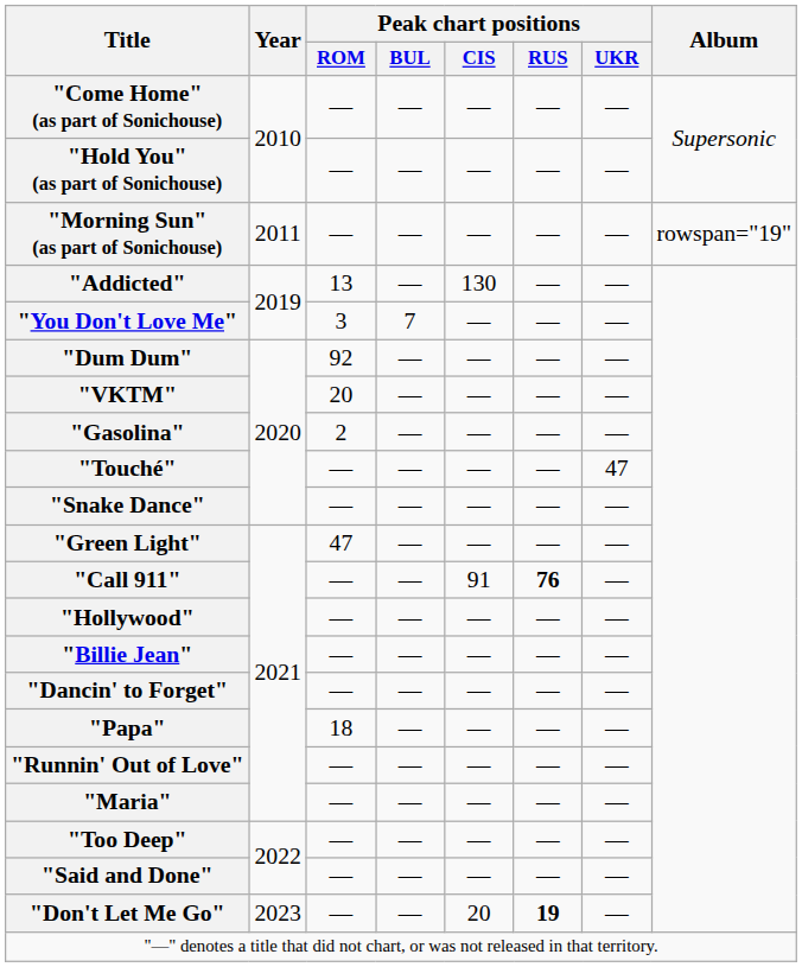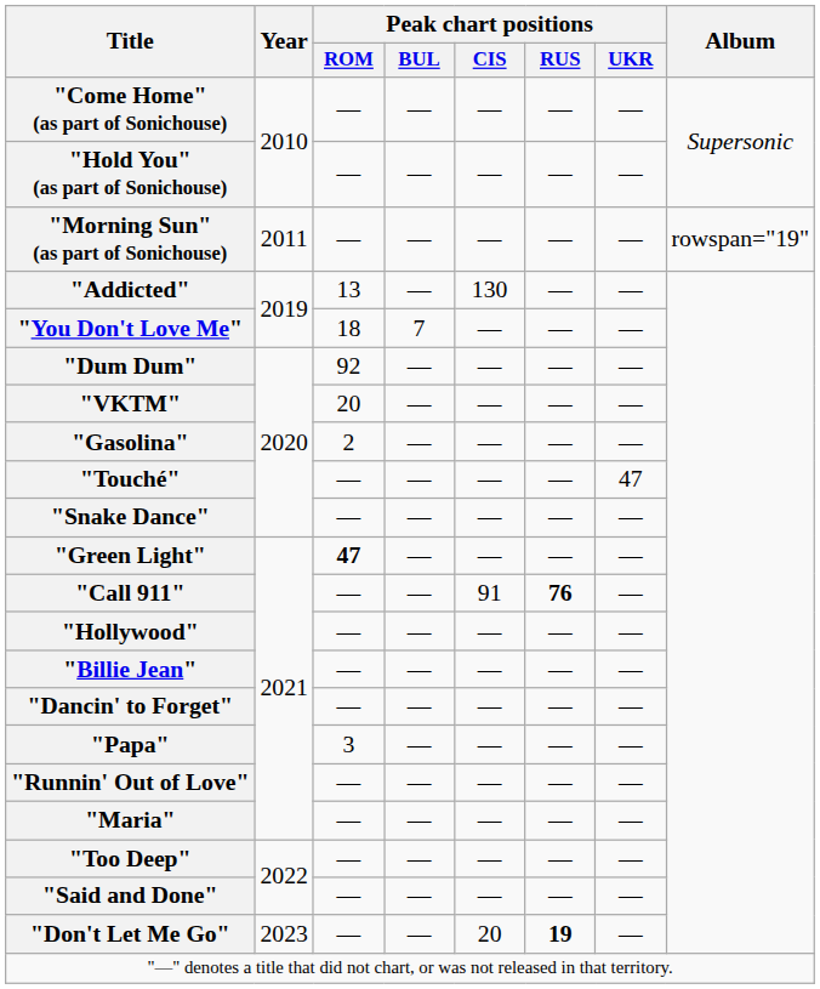 <table class="wikitable plainrowheaders" style="text-align:center;">
 <tr>
 <th scope="col" rowspan="2">Title</th>
 <th scope="col" rowspan="2">Year</th>
 <th scope="col" colspan="5">Peak chart positions</th>
 <th scope="col" rowspan="2">Album</th>
 </tr>
 <tr>
 <th style="width:3em;font-size:85%"><a href='#'>ROM</a><br></th>
 <th style="width:3em;font-size:85%"><a href='#'>BUL</a><br></th>
 <th style="width:3em;font-size:85%"><a href='#'>CIS</a><br></th>
 <th style="width:3em;font-size:85%"><a href='#'>RUS</a><br></th>
 <th style="width:3em;font-size:85%"><a href='#'>UKR</a><br></th>
 </tr>
 <tr>
 <th scope="row">"Come Home"<br><small>(as part of Sonichouse)</small></th>
 <td rowspan="2">2010</td>
 <td>—</td>
 <td>—</td>
 <td>—</td>
 <td>—</td>
 <td>—</td>
 <td rowspan="2"><em>Supersonic</em></td>
 </tr>
 <tr>
 <th scope="row">"Hold You"<br><small>(as part of Sonichouse)</small></th>
 <td>—</td>
 <td>—</td>
 <td>—</td>
 <td>—</td>
 <td>—</td>
 </tr>
 <tr>
 <th scope="row">"Morning Sun"<br><small>(as part of Sonichouse)</small></th>
 <td rowspan="1">2011</td>
 <td>—</td>
 <td>—</td>
 <td>—</td>
 <td>—</td>
 <td>—</td>
 <td>rowspan="19" </td>
 </tr>
 <tr>
 <th scope="row">"Addicted"<br></th>
 <td rowspan="2">2019</td>
 <td>13</td>
 <td>—</td>
 <td>130</td>
 <td>—</td>
 <td>—</td>
 </tr>
 <tr>
 <th scope="row">"<a href='#'>You Don't Love Me</a>"<br></th>
-<td>3</td>
+<td>18</td>
 <td>7</td>
 <td>—</td>
 <td>—</td>
 <td>—</td>
 </tr>
 <tr>
 <th scope="row">"Dum Dum"<br></th>
 <td rowspan="5">2020</td>
 <td>92</td>
 <td>—</td>
 <td>—</td>
 <td>—</td>
 <td>—</td>
 </tr>
 <tr>
 <th scope="row">"VKTM"<br></th>
 <td>20</td>
 <td>—</td>
 <td>—</td>
 <td>—</td>
 <td>—</td>
 </tr>
 <tr>
 <th scope="row">"Gasolina"<br></th>
 <td>2</td>
 <td>—</td>
 <td>—</td>
 <td>—</td>
 <td>—</td>
 </tr>
 <tr>
 <th scope="row">"Touché"<br></th>
 <td>—</td>
 <td>—</td>
 <td>—</td>
 <td>—</td>
 <td>47</td>
 </tr>
 <tr>
 <th scope="row">"Snake Dance"<br></th>
 <td>—</td>
 <td>—</td>
 <td>—</td>
 <td>—</td>
 <td>—</td>
 </tr>
 <tr>
 <th scope="row">"Green Light"<br></th>
 <td rowspan="8">2021</td>
-<td>47</td>
+<td><strong>47</strong></td>
 <td>—</td>
 <td>—</td>
 <td>—</td>
 <td>—</td>
 </tr>
 <tr>
 <th scope="row">"Call 911"<br></th>
 <td>—</td>
 <td>—</td>
 <td>91</td>
 <td><strong>76</strong></td>
 <td>—</td>
 </tr>
 <tr>
 <th scope="row">"Hollywood"<br></th>
 <td>—</td>
 <td>—</td>
 <td>—</td>
 <td>—</td>
 <td>—</td>
 </tr>
 <tr>
 <th scope="row">"<a href='#'>Billie Jean</a>"<br></th>
 <td>—</td>
 <td>—</td>
 <td>—</td>
 <td>—</td>
 <td>—</td>
 </tr>
 <tr>
 <th scope="row">"Dancin' to Forget"<br></th>
 <td>—</td>
 <td>—</td>
 <td>—</td>
 <td>—</td>
 <td>—</td>
 </tr>
 <tr>
 <th scope="row">"Papa"<br></th>
-<td>18</td>
+<td>3</td>
 <td>—</td>
 <td>—</td>
 <td>—</td>
 <td>—</td>
 </tr>
 <tr>
 <th scope="row">"Runnin' Out of Love"<br></th>
 <td>—</td>
 <td>—</td>
 <td>—</td>
 <td>—</td>
 <td>—</td>
 </tr>
 <tr>
 <th scope="row">"Maria"<br></th>
 <td>—</td>
 <td>—</td>
 <td>—</td>
 <td>—</td>
 <td>—</td>
 </tr>
 <tr>
 <th scope="row">"Too Deep"<br></th>
 <td rowspan="2">2022</td>
 <td>—</td>
 <td>—</td>
 <td>—</td>
 <td>—</td>
 <td>—</td>
 </tr>
 <tr>
 <th scope="row">"Said and Done"</th>
 <td>—</td>
 <td>—</td>
 <td>—</td>
 <td>—</td>
 <td>—</td>
 </tr>
 <tr>
 <th scope="row">"Don't Let Me Go"<br></th>
 <td>2023</td>
 <td>—</td>
 <td>—</td>
 <td>20</td>
 <td><strong>19</strong></td>
 <td>—</td>
 </tr>
 <tr>
 <td colspan="8" style="font-size:9pt">"—" denotes a title that did not chart, or was not released in that territory.</td>
 </tr>
 </table>
